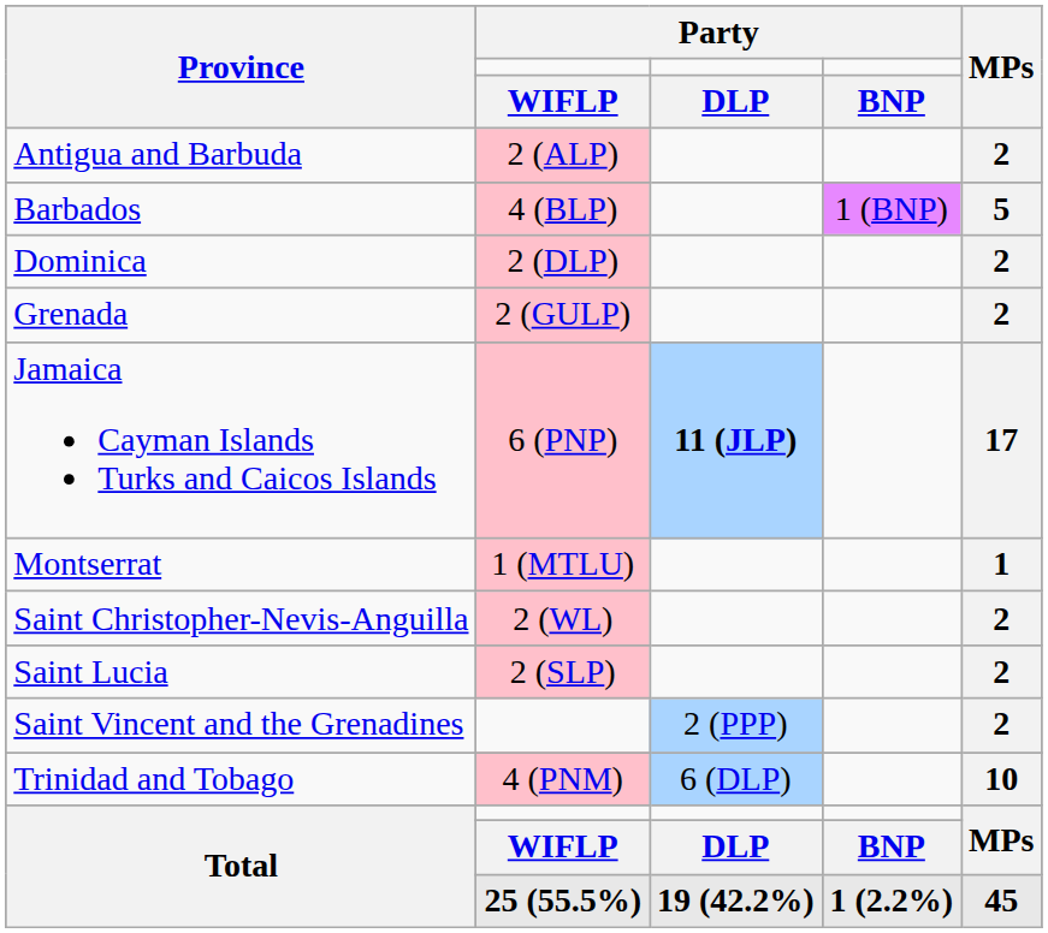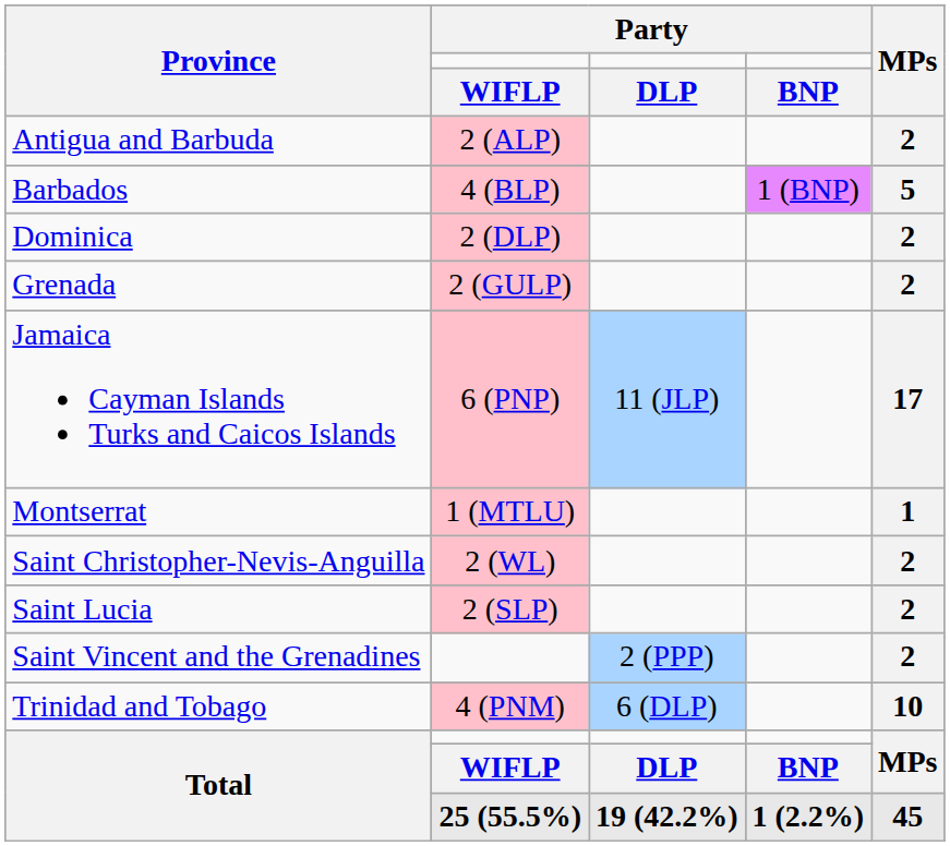 <table class=wikitable style=text-align:center>
 <tr>
 <th rowspan="3"><a href='#'>Province</a></th>
 <th colspan="3">Party</th>
 <th rowspan="3">MPs</th>
 </tr>
 <tr>
 <td bgcolor=></td>
 <td bgcolor=></td>
 <td bgcolor=></td>
 </tr>
 <tr>
 <th><a href='#'>WIFLP</a></th>
 <th><a href='#'>DLP</a></th>
 <th><a href='#'>BNP</a></th>
 </tr>
 <tr>
 <td align=left> <a href='#'>Antigua and Barbuda</a></td>
 <td bgcolor=pink>2 (<a href='#'>ALP</a>)</td>
 <td></td>
 <td></td>
 <th>2</th>
 </tr>
 <tr>
 <td align=left> <a href='#'>Barbados</a></td>
 <td bgcolor=pink>4 (<a href='#'>BLP</a>)</td>
 <td></td>
 <td bgcolor=#e788ff>1 (<a href='#'>BNP</a>)</td>
 <th>5</th>
 </tr>
 <tr>
 <td align=left> <a href='#'>Dominica</a></td>
 <td bgcolor=pink>2 (<a href='#'>DLP</a>)</td>
 <td></td>
 <td></td>
 <th>2</th>
 </tr>
 <tr>
 <td align=left> <a href='#'>Grenada</a></td>
 <td bgcolor=pink>2 (<a href='#'>GULP</a>)</td>
 <td></td>
 <td></td>
 <th>2</th>
 </tr>
 <tr>
 <td align=left> <a href='#'>Jamaica</a><br><ul><li> <a href='#'>Cayman Islands</a></li><li> <a href='#'>Turks and Caicos Islands</a></li></ul></td>
 <td bgcolor=pink>6 (<a href='#'>PNP</a>)</td>
-<td bgcolor=#a9d4ff><strong>11 (<a href='#'>JLP</a>)</strong></td>
+<td bgcolor=#a9d4ff>11 (<a href='#'>JLP</a>)</td>
 <td></td>
 <th>17</th>
 </tr>
 <tr>
 <td align=left> <a href='#'>Montserrat</a></td>
 <td bgcolor=pink>1 (<a href='#'>MTLU</a>)</td>
 <td></td>
 <td></td>
 <th>1</th>
 </tr>
 <tr>
 <td align=left> <a href='#'>Saint Christopher-Nevis-Anguilla</a></td>
 <td bgcolor=pink>2 (<a href='#'>WL</a>)</td>
 <td></td>
 <td></td>
 <th>2</th>
 </tr>
 <tr>
 <td align=left> <a href='#'>Saint Lucia</a></td>
 <td bgcolor=pink>2 (<a href='#'>SLP</a>)</td>
 <td></td>
 <td></td>
 <th>2</th>
 </tr>
 <tr>
 <td align=left> <a href='#'>Saint Vincent and the Grenadines</a></td>
 <td></td>
 <td bgcolor=#a9d4ff>2 (<a href='#'>PPP</a>)</td>
 <td></td>
 <th>2</th>
 </tr>
 <tr>
 <td align=left> <a href='#'>Trinidad and Tobago</a></td>
 <td bgcolor=pink>4 (<a href='#'>PNM</a>)</td>
 <td bgcolor=#a9d4ff>6 (<a href='#'>DLP</a>)</td>
 <td></td>
 <th>10</th>
 </tr>
 <tr style="font-weight:bold;">
 <th rowspan="3">Total</th>
 <td bgcolor=></td>
 <td bgcolor=></td>
 <td bgcolor=></td>
 <th rowspan=2>MPs</th>
 </tr>
 <tr style="font-weight:bold;">
 <th><a href='#'>WIFLP</a></th>
 <th><a href='#'>DLP</a></th>
 <th><a href='#'>BNP</a></th>
 </tr>
 <tr class="sortbottom" style="font-weight:bold; background:rgb(232,232,232);">
 <td>25 (55.5%)</td>
 <td>19 (42.2%)</td>
 <td>1 (2.2%)</td>
 <td>45</td>
 </tr>
 </table>
